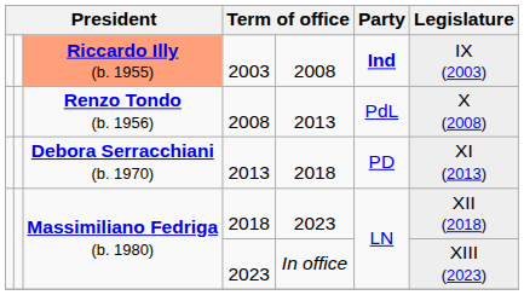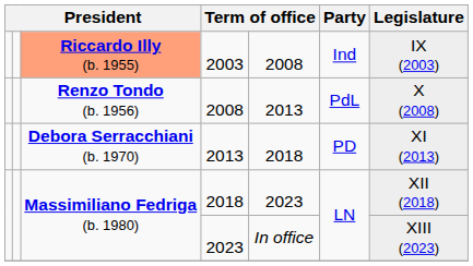 <table class="wikitable" style="text-align:center;">
 <tr>
 <th colspan=3>President</th>
 <th colspan= 2>Term of office</th>
 <th>Party</th>
 <th>Legislature</th>
 </tr>
 <tr>
 <td><strong></strong></td>
 <td></td>
 <td style="background: lightsalmon;"><strong><a href='#'>Riccardo Illy</a></strong><br><small>(b. 1955)</small></td>
 <td><br>2003</td>
 <td><br>2008</td>
-<td><strong><a href='#'>Ind</a></strong></td>
+<td><a href='#'>Ind</a></td>
 <td bgcolor="#EEEEEE">IX <br><small>(<a href='#'>2003</a>)</small></td>
 </tr>
 <tr>
 <td><strong></strong></td>
 <td></td>
 <td><strong><a href='#'>Renzo Tondo</a></strong><br><small>(b. 1956)</small></td>
 <td><br>2008</td>
 <td><br>2013</td>
 <td><a href='#'>PdL</a></td>
 <td bgcolor="#EEEEEE">X <br><small>(<a href='#'>2008</a>)</small></td>
 </tr>
 <tr>
 <td><strong></strong></td>
 <td></td>
 <td><strong><a href='#'>Debora Serracchiani</a></strong><br><small>(b. 1970)</small></td>
 <td><br>2013</td>
 <td><br>2018</td>
 <td><a href='#'>PD</a></td>
 <td bgcolor="#EEEEEE">XI <br><small>(<a href='#'>2013</a>)</small></td>
 </tr>
 <tr>
 <td rowspan=2><strong></strong></td>
 <td rowspan=2></td>
 <td rowspan=2><strong><a href='#'>Massimiliano Fedriga</a></strong><br><small>(b. 1980)</small></td>
 <td><br>2018</td>
 <td><br>2023</td>
 <td rowspan=2><a href='#'>LN</a></td>
 <td bgcolor="#EEEEEE">XII <br><small>(<a href='#'>2018</a>)</small></td>
 </tr>
 <tr>
 <td><br>2023</td>
 <td><em>In office</em></td>
 <td bgcolor="#EEEEEE">XIII <br><small>(<a href='#'>2023</a>)</small></td>
 </tr>
 <tr>
 </tr>
 </table>
